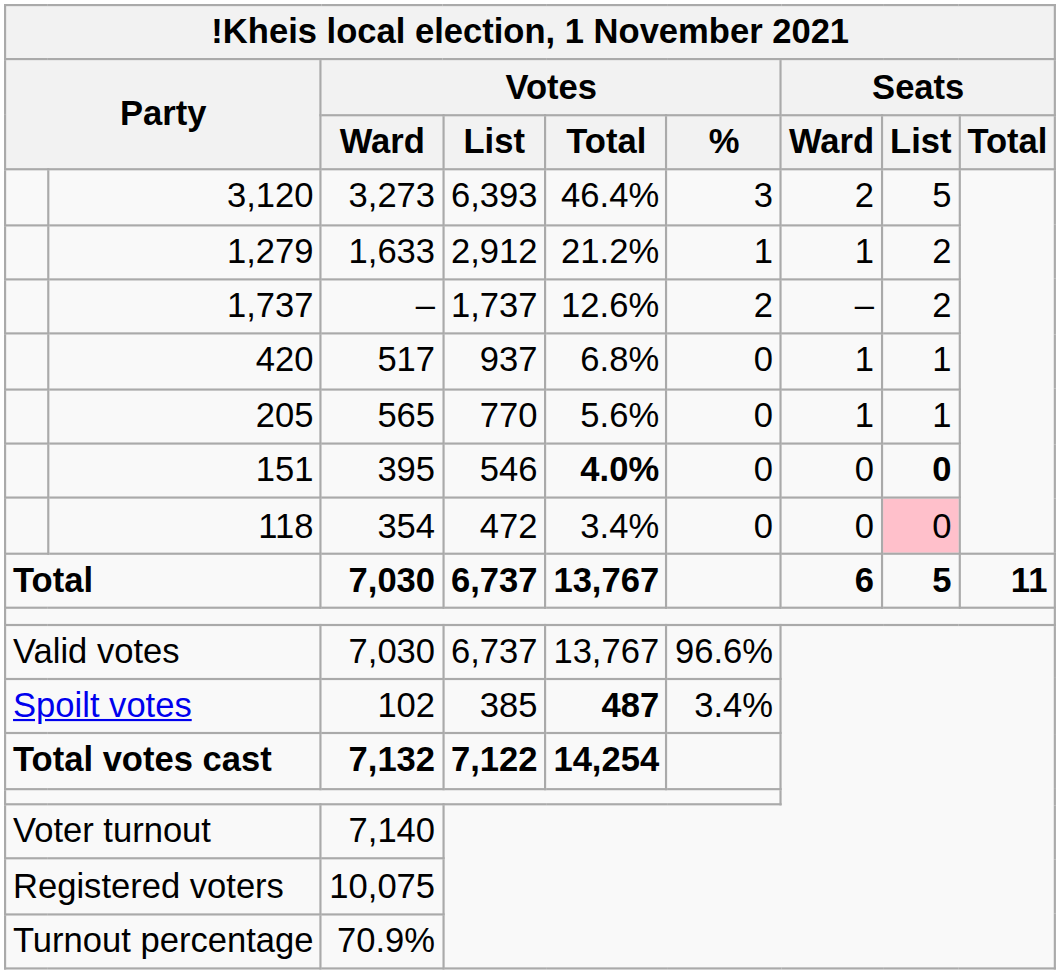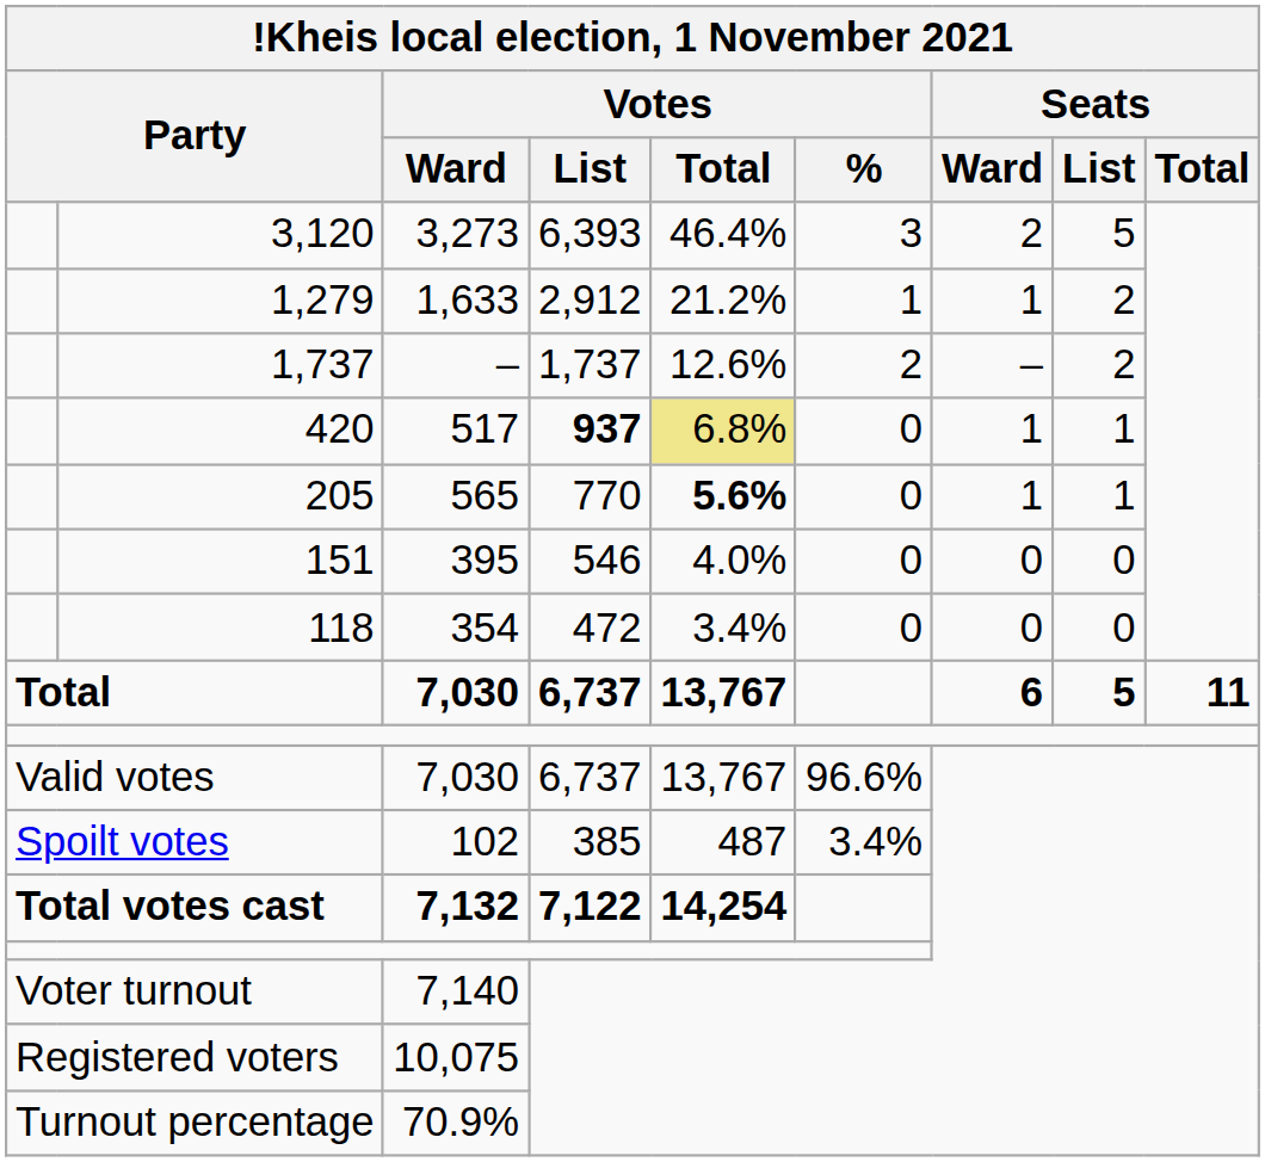 <table class=wikitable style="text-align:right">
 <tr>
 <th colspan="9" align="center">ǃKheis local election, 1 November 2021</th>
 </tr>
 <tr>
 <th rowspan="2" colspan="2">Party</th>
 <th colspan="4" align="center">Votes</th>
 <th colspan="3" align="center">Seats</th>
 </tr>
 <tr>
 <th>Ward</th>
 <th>List</th>
 <th>Total</th>
 <th>%</th>
 <th>Ward</th>
 <th>List</th>
 <th>Total</th>
 </tr>
 <tr>
 <td></td>
 <td>3,120</td>
 <td>3,273</td>
 <td>6,393</td>
 <td>46.4%</td>
 <td>3</td>
 <td>2</td>
 <td>5</td>
 </tr>
 <tr>
 <td></td>
 <td>1,279</td>
 <td>1,633</td>
 <td>2,912</td>
 <td>21.2%</td>
 <td>1</td>
 <td>1</td>
 <td>2</td>
 </tr>
 <tr>
 <td></td>
 <td>1,737</td>
 <td>–</td>
 <td>1,737</td>
 <td>12.6%</td>
 <td>2</td>
 <td>–</td>
 <td>2</td>
 </tr>
 <tr>
 <td></td>
 <td>420</td>
 <td>517</td>
-<td>937</td>
-<td>6.8%</td>
+<td><strong>937</strong></td>
+<td style="background: khaki;">6.8%</td>
 <td>0</td>
 <td>1</td>
 <td>1</td>
 </tr>
 <tr>
 <td></td>
 <td>205</td>
 <td>565</td>
 <td>770</td>
-<td>5.6%</td>
+<td><strong>5.6%</strong></td>
 <td>0</td>
 <td>1</td>
 <td>1</td>
 </tr>
 <tr>
 <td></td>
 <td>151</td>
 <td>395</td>
 <td>546</td>
-<td><strong>4.0%</strong></td>
+<td>4.0%</td>
 <td>0</td>
 <td>0</td>
-<td><strong>0</strong></td>
+<td>0</td>
 </tr>
 <tr>
 <td></td>
 <td>118</td>
 <td>354</td>
 <td>472</td>
 <td>3.4%</td>
 <td>0</td>
 <td>0</td>
-<td style="background: pink;">0</td>
+<td>0</td>
 </tr>
 <tr>
 <td colspan="2" style="text-align:left"><strong>Total</strong></td>
 <td><strong>7,030</strong></td>
 <td><strong>6,737</strong></td>
 <td><strong>13,767</strong></td>
 <td></td>
 <td><strong>6</strong></td>
 <td><strong>5</strong></td>
 <td><strong>11</strong></td>
 </tr>
 <tr>
 <td colspan="9"></td>
 </tr>
 <tr>
 <td colspan="2" style="text-align:left">Valid votes</td>
 <td>7,030</td>
 <td>6,737</td>
 <td>13,767</td>
 <td>96.6%</td>
 </tr>
 <tr>
 <td colspan="2" style="text-align:left"><a href='#'>Spoilt votes</a></td>
 <td>102</td>
 <td>385</td>
-<td><strong>487</strong></td>
+<td>487</td>
 <td>3.4%</td>
 </tr>
 <tr>
 <td colspan="2" style="text-align:left"><strong>Total votes cast</strong></td>
 <td><strong>7,132</strong></td>
 <td><strong>7,122</strong></td>
 <td><strong>14,254</strong></td>
 <td></td>
 </tr>
 <tr>
 <td colspan="6"></td>
 </tr>
 <tr>
 <td colspan="2" style="text-align:left">Voter turnout</td>
 <td>7,140</td>
 </tr>
 <tr>
 <td colspan="2" style="text-align:left">Registered voters</td>
 <td>10,075</td>
 </tr>
 <tr>
 <td colspan="2" style="text-align:left">Turnout percentage</td>
 <td>70.9%</td>
 </tr>
 </table>
